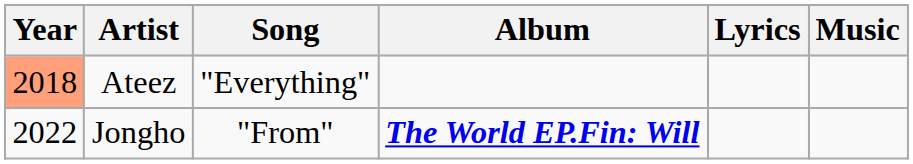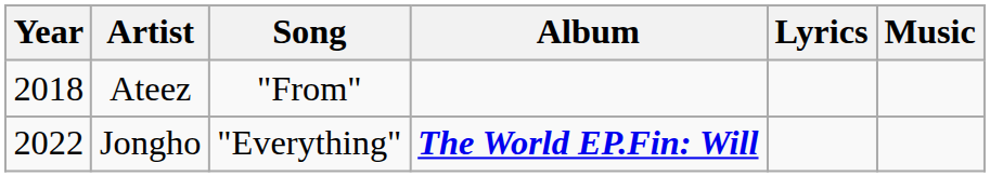 <table class="wikitable sortable" style="text-align:center">
 <tr>
 <th>Year</th>
 <th>Artist</th>
 <th>Song</th>
 <th>Album</th>
 <th>Lyrics</th>
 <th>Music</th>
 </tr>
 <tr>
-<td style="background: lightsalmon;">2018</td>
+<td>2018</td>
 <td>Ateez</td>
-<td>"Everything"</td>
+<td>"From"</td>
 <td></td>
 <td></td>
 <td></td>
 </tr>
 <tr>
 <td>2022</td>
 <td>Jongho</td>
-<td>"From"</td>
+<td>"Everything"</td>
 <td><strong><em><a href='#'>The World EP.Fin: Will</a></em></strong></td>
 <td></td>
 <td></td>
 </tr>
 </table>
